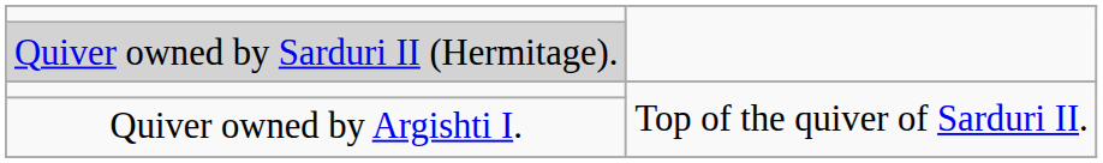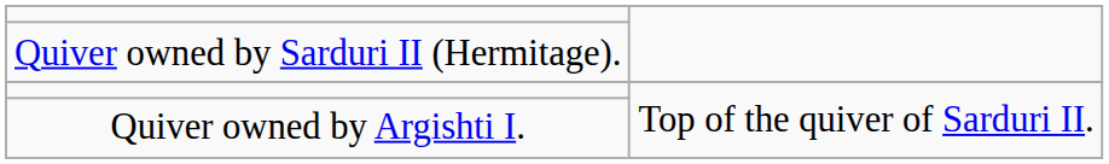 <table Class = "wikitable" style = "text-align: center">
 <tr>
 <td></td>
 <td Rowspan = 3></td>
 </tr>
 <tr>
-<td style="background: lightgrey;"><a href='#'>Quiver</a> owned by <a href='#'>Sarduri II</a> (Hermitage).</td>
+<td><a href='#'>Quiver</a> owned by <a href='#'>Sarduri II</a> (Hermitage).</td>
 </tr>
 <tr>
 <td Rowspan = 2></td>
 </tr>
 <tr>
 <td Rowspan="2">Top of the quiver of <a href='#'>Sarduri II</a>.</td>
 </tr>
 <tr>
 <td>Quiver owned by <a href='#'>Argishti I</a>.</td>
 </tr>
 </table>
